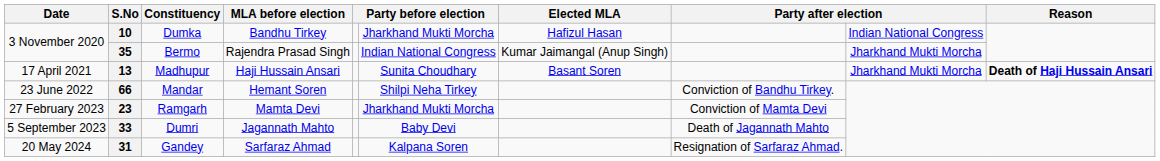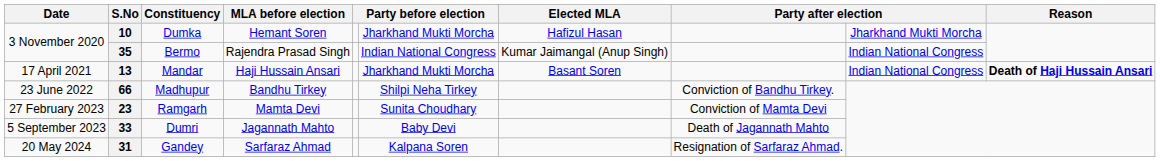 <table class="wikitable sortable" style="text-align:center;">
 <tr>
 <th>Date</th>
 <th>S.No</th>
 <th>Constituency</th>
 <th>MLA before election</th>
 <th colspan="2">Party before election</th>
 <th>Elected MLA</th>
 <th colspan="2">Party after election</th>
 <th>Reason</th>
 </tr>
 <tr>
 <td rowspan="2">3 November 2020</td>
 <th>10</th>
 <td><a href='#'>Dumka</a></td>
-<td><a href='#'>Bandhu Tirkey</a></td>
+<td><a href='#'>Hemant Soren</a></td>
 <td></td>
 <td><a href='#'>Jharkhand Mukti Morcha</a></td>
 <td><a href='#'>Hafizul Hasan</a></td>
 <td></td>
-<td><a href='#'>Indian National Congress</a></td>
+<td><a href='#'>Jharkhand Mukti Morcha</a></td>
 </tr>
 <tr>
 <th>35</th>
 <td><a href='#'>Bermo</a></td>
 <td>Rajendra Prasad Singh</td>
 <td></td>
 <td><a href='#'>Indian National Congress</a></td>
 <td>Kumar Jaimangal (Anup Singh)</td>
 <td></td>
-<td><a href='#'>Jharkhand Mukti Morcha</a></td>
+<td><a href='#'>Indian National Congress</a></td>
 </tr>
 <tr>
 <td>17 April 2021</td>
 <th>13</th>
-<td><a href='#'>Madhupur</a></td>
+<td><a href='#'>Mandar</a></td>
 <td><a href='#'>Haji Hussain Ansari</a></td>
 <td></td>
-<td><a href='#'>Sunita Choudhary</a></td>
+<td><a href='#'>Jharkhand Mukti Morcha</a></td>
 <td><a href='#'>Basant Soren</a></td>
 <td></td>
-<td><a href='#'>Jharkhand Mukti Morcha</a></td>
+<td><a href='#'>Indian National Congress</a></td>
 <td><strong>Death of <a href='#'>Haji Hussain Ansari</a></strong></td>
 </tr>
 <tr>
 <td>23 June 2022</td>
 <th>66</th>
-<td><a href='#'>Mandar</a></td>
-<td><a href='#'>Hemant Soren</a></td>
+<td><a href='#'>Madhupur</a></td>
+<td><a href='#'>Bandhu Tirkey</a></td>
 <td></td>
 <td><a href='#'>Shilpi Neha Tirkey</a></td>
 <td></td>
 <td>Conviction of <a href='#'>Bandhu Tirkey</a>.</td>
 </tr>
 <tr>
 <td>27 February 2023</td>
 <th>23</th>
 <td><a href='#'>Ramgarh</a></td>
 <td><a href='#'>Mamta Devi</a></td>
 <td></td>
-<td><a href='#'>Jharkhand Mukti Morcha</a></td>
+<td><a href='#'>Sunita Choudhary</a></td>
 <td></td>
 <td>Conviction of <a href='#'>Mamta Devi</a></td>
 </tr>
 <tr>
 <td>5 September 2023</td>
 <th>33</th>
 <td><a href='#'>Dumri</a></td>
 <td><a href='#'>Jagannath Mahto</a></td>
 <td></td>
 <td><a href='#'>Baby Devi</a></td>
 <td></td>
 <td>Death of <a href='#'>Jagannath Mahto</a></td>
 </tr>
 <tr>
 <td>20 May 2024</td>
 <th>31</th>
 <td><a href='#'>Gandey</a></td>
 <td><a href='#'>Sarfaraz Ahmad</a></td>
 <td></td>
 <td><a href='#'>Kalpana Soren</a></td>
 <td></td>
 <td>Resignation of <a href='#'>Sarfaraz Ahmad</a>.</td>
 </tr>
 </table>
